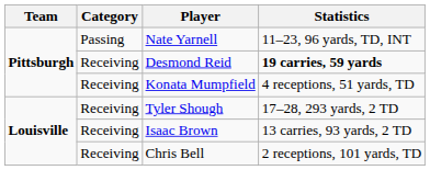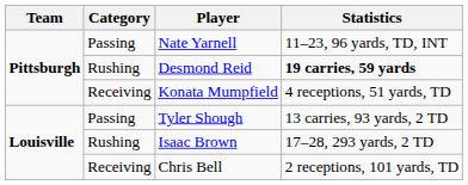 <table class="wikitable" style="float: right;">
 <tr>
 <th>Team</th>
 <th>Category</th>
 <th>Player</th>
 <th>Statistics</th>
 </tr>
 <tr>
 <td rowspan=3><strong>Pittsburgh</strong></td>
 <td>Passing</td>
 <td><a href='#'>Nate Yarnell</a></td>
 <td>11–23, 96 yards, TD, INT</td>
 </tr>
 <tr>
-<td>Receiving</td>
+<td>Rushing</td>
 <td><a href='#'>Desmond Reid</a></td>
 <td><strong>19 carries, 59 yards</strong></td>
 </tr>
 <tr>
 <td>Receiving</td>
 <td><a href='#'>Konata Mumpfield</a></td>
 <td>4 receptions, 51 yards, TD</td>
 </tr>
 <tr>
 <td rowspan=3><strong>Louisville</strong></td>
-<td>Receiving</td>
+<td>Passing</td>
 <td><a href='#'>Tyler Shough</a></td>
-<td>17–28, 293 yards, 2 TD</td>
+<td>13 carries, 93 yards, 2 TD</td>
 </tr>
 <tr>
-<td>Receiving</td>
+<td>Rushing</td>
 <td><a href='#'>Isaac Brown</a></td>
-<td>13 carries, 93 yards, 2 TD</td>
+<td>17–28, 293 yards, 2 TD</td>
 </tr>
 <tr>
 <td>Receiving</td>
 <td>Chris Bell</td>
 <td>2 receptions, 101 yards, TD</td>
 </tr>
 </table>
